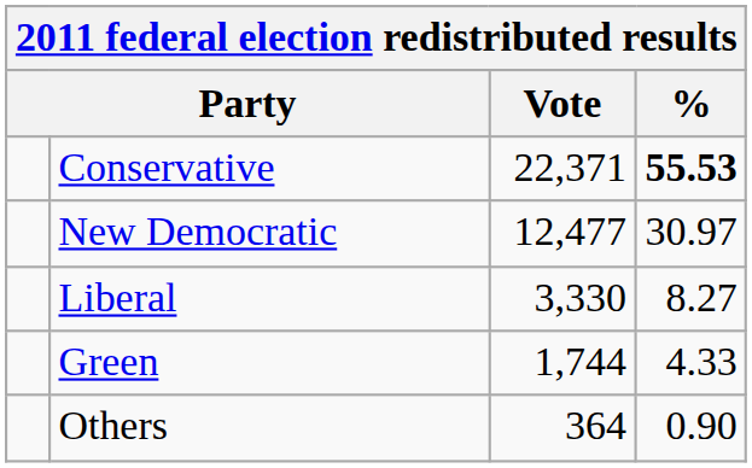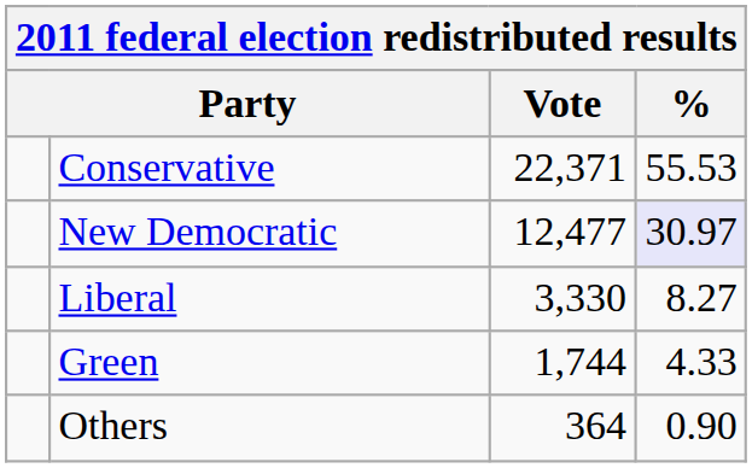 <table class="wikitable">
 <tr>
 <th colspan="4"><a href='#'>2011 federal election</a> redistributed results</th>
 </tr>
 <tr>
 <th bgcolor="#DDDDFF" width="130px" colspan="2">Party</th>
 <th bgcolor="#DDDDFF" width="50px">Vote</th>
 <th bgcolor="#DDDDFF" width="30px">%</th>
 </tr>
 <tr>
 <td> </td>
 <td><a href='#'>Conservative</a></td>
 <td align="right">22,371</td>
-<td align="right"><strong>55.53</strong></td>
+<td align="right">55.53</td>
 </tr>
 <tr>
 <td> </td>
 <td><a href='#'>New Democratic</a></td>
 <td align="right">12,477</td>
-<td align="right">30.97</td>
+<td align="right" style="background: lavender;">30.97</td>
 </tr>
 <tr>
 <td> </td>
 <td><a href='#'>Liberal</a></td>
 <td align="right">3,330</td>
 <td align="right">8.27</td>
 </tr>
 <tr>
 <td> </td>
 <td><a href='#'>Green</a></td>
 <td align="right">1,744</td>
 <td align="right">4.33</td>
 </tr>
 <tr>
 <td> </td>
 <td>Others</td>
 <td align="right">364</td>
 <td align="right">0.90</td>
 </tr>
 </table>
